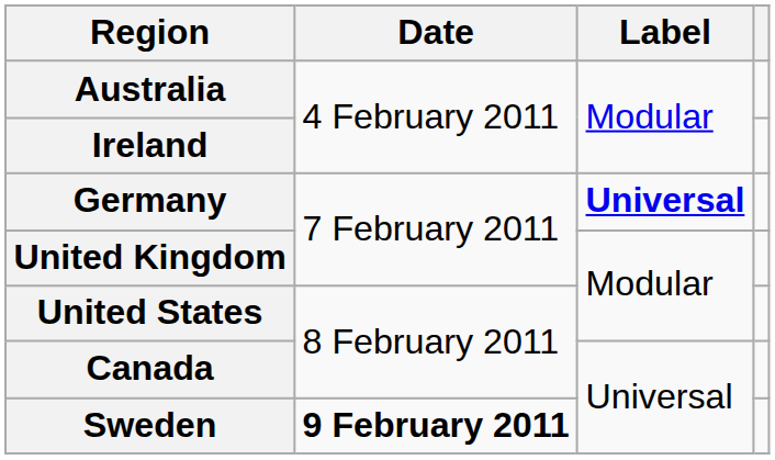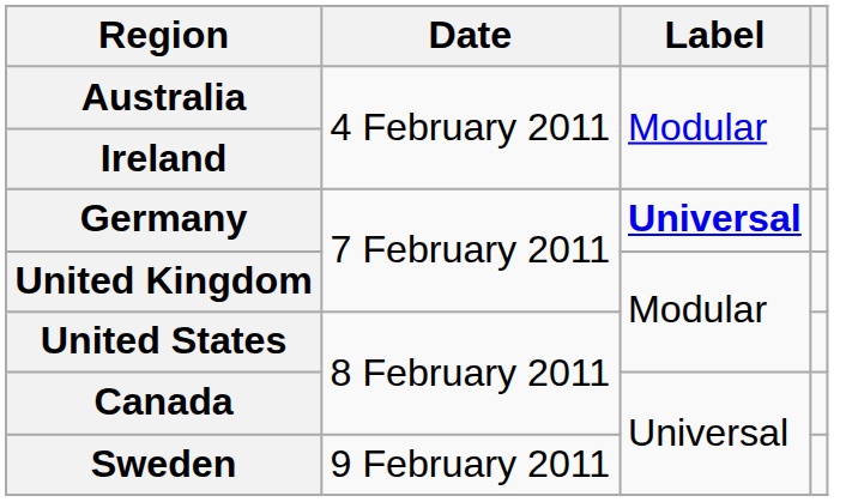 <table class="wikitable plainrowheaders">
 <tr>
 <th scope="col">Region</th>
 <th scope="col">Date</th>
 <th scope="col">Label</th>
 <th scope="col"></th>
 </tr>
 <tr>
 <th scope="row">Australia</th>
 <td rowspan="2">4 February 2011</td>
 <td rowspan="2"><a href='#'>Modular</a></td>
 <td align="center"></td>
 </tr>
 <tr>
 <th scope="row">Ireland</th>
 <td align="center"></td>
 </tr>
 <tr>
 <th scope="row">Germany</th>
 <td rowspan="2">7 February 2011</td>
 <td><strong><a href='#'>Universal</a></strong></td>
 <td align="center"></td>
 </tr>
 <tr>
 <th scope="row">United Kingdom</th>
 <td rowspan="2">Modular</td>
 <td align="center"></td>
 </tr>
 <tr>
 <th scope="row">United States</th>
 <td rowspan="2">8 February 2011</td>
 <td align="center"></td>
 </tr>
 <tr>
 <th scope="row">Canada</th>
 <td rowspan="2">Universal</td>
 <td align="center"></td>
 </tr>
 <tr>
 <th scope="row">Sweden</th>
-<td><strong>9 February 2011</strong></td>
+<td>9 February 2011</td>
 <td align="center"></td>
 </tr>
 </table>
